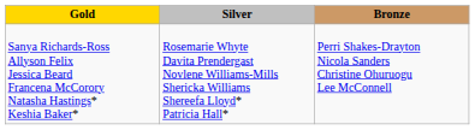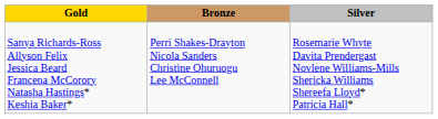 <table class="wikitable" style="text-align:left">
 <tr align="center">
 <td width=200 bgcolor=gold><strong>Gold</strong></td>
+<td width=200 bgcolor=CC9966><strong>Bronze</strong></td>
 <td width=200 bgcolor=silver><strong>Silver</strong></td>
-<td width=200 bgcolor=CC9966><strong>Bronze</strong></td>
 </tr>
 <tr>
 <td valign=top><em></em><br><a href='#'>Sanya Richards-Ross</a><br><a href='#'>Allyson Felix</a><br><a href='#'>Jessica Beard</a><br><a href='#'>Francena McCorory</a><br><a href='#'>Natasha Hastings</a>*<br><a href='#'>Keshia Baker</a>*</td>
+<td valign=top><em></em><br><a href='#'>Perri Shakes-Drayton</a> <br> <a href='#'>Nicola Sanders</a> <br><a href='#'>Christine Ohuruogu</a> <br> <a href='#'>Lee McConnell</a></td>
 <td valign=top><em></em><br><a href='#'>Rosemarie Whyte</a><br><a href='#'>Davita Prendergast</a><br><a href='#'>Novlene Williams-Mills</a><br><a href='#'>Shericka Williams</a><br><a href='#'>Shereefa Lloyd</a>*<br><a href='#'>Patricia Hall</a>*</td>
-<td valign=top><em></em><br><a href='#'>Perri Shakes-Drayton</a> <br> <a href='#'>Nicola Sanders</a> <br><a href='#'>Christine Ohuruogu</a> <br> <a href='#'>Lee McConnell</a></td>
 </tr>
 </table>
